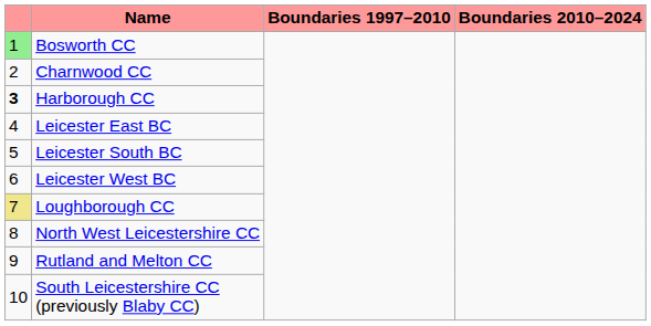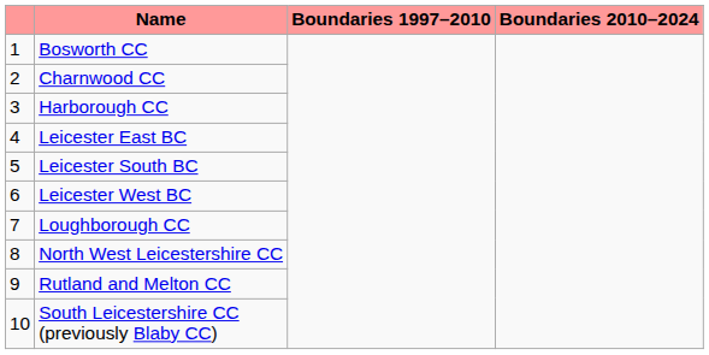 <table class="wikitable">
 <tr>
 <th style="background-color:#ff9999"></th>
 <th style="background-color:#ff9999">Name</th>
 <th style="background-color:#ff9999">Boundaries 1997–2010</th>
 <th style="background-color:#ff9999">Boundaries 2010–2024</th>
 </tr>
 <tr>
-<td style="background: lightgreen;">1</td>
+<td>1</td>
 <td><a href='#'>Bosworth CC</a></td>
 <td rowspan="10"></td>
 <td rowspan="10"></td>
 </tr>
 <tr>
 <td>2</td>
 <td><a href='#'>Charnwood CC</a></td>
 </tr>
 <tr>
-<td><strong>3</strong></td>
+<td>3</td>
 <td><a href='#'>Harborough CC</a></td>
 </tr>
 <tr>
 <td>4</td>
 <td><a href='#'>Leicester East BC</a></td>
 </tr>
 <tr>
 <td>5</td>
 <td><a href='#'>Leicester South BC</a></td>
 </tr>
 <tr>
 <td>6</td>
 <td><a href='#'>Leicester West BC</a></td>
 </tr>
 <tr>
-<td style="background: khaki;">7</td>
+<td>7</td>
 <td><a href='#'>Loughborough CC</a></td>
 </tr>
 <tr>
 <td>8</td>
 <td><a href='#'>North West Leicestershire CC</a></td>
 </tr>
 <tr>
 <td>9</td>
 <td><a href='#'>Rutland and Melton CC</a></td>
 </tr>
 <tr>
 <td>10</td>
 <td><a href='#'>South Leicestershire CC</a><br>(previously <a href='#'>Blaby CC</a>)</td>
 </tr>
 </table>
